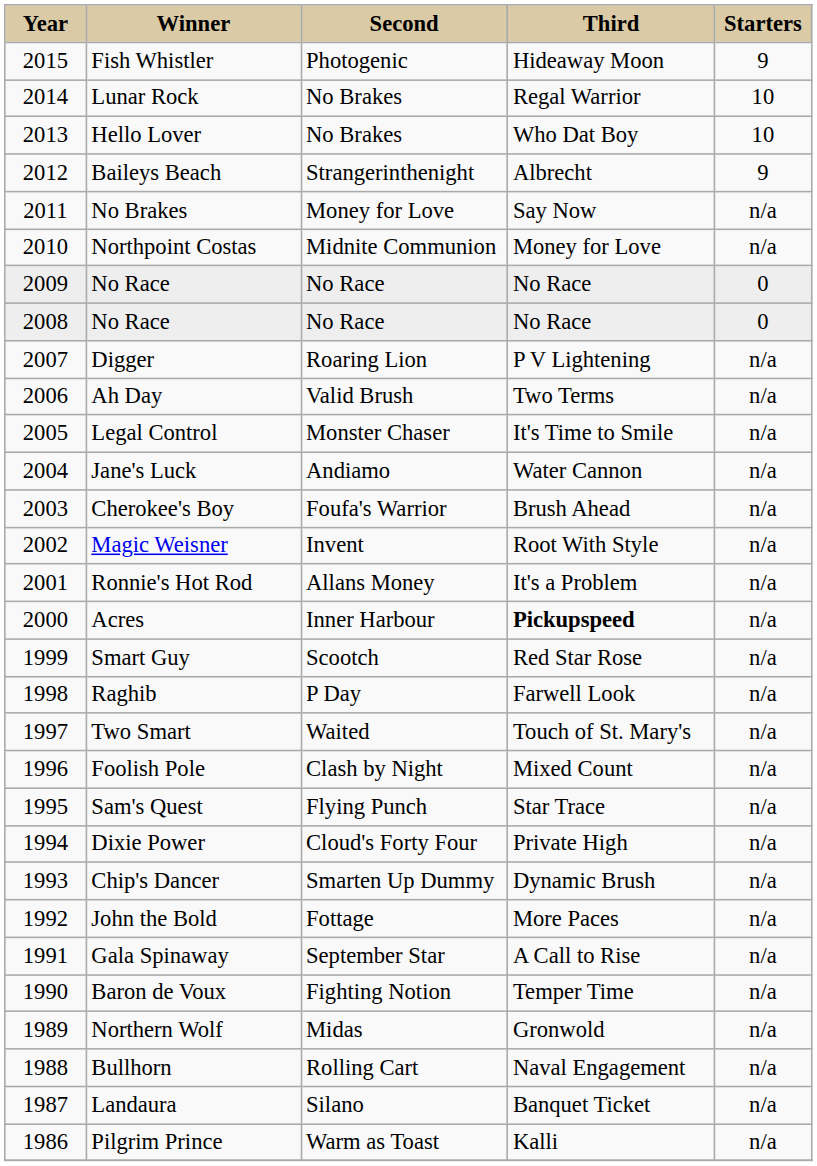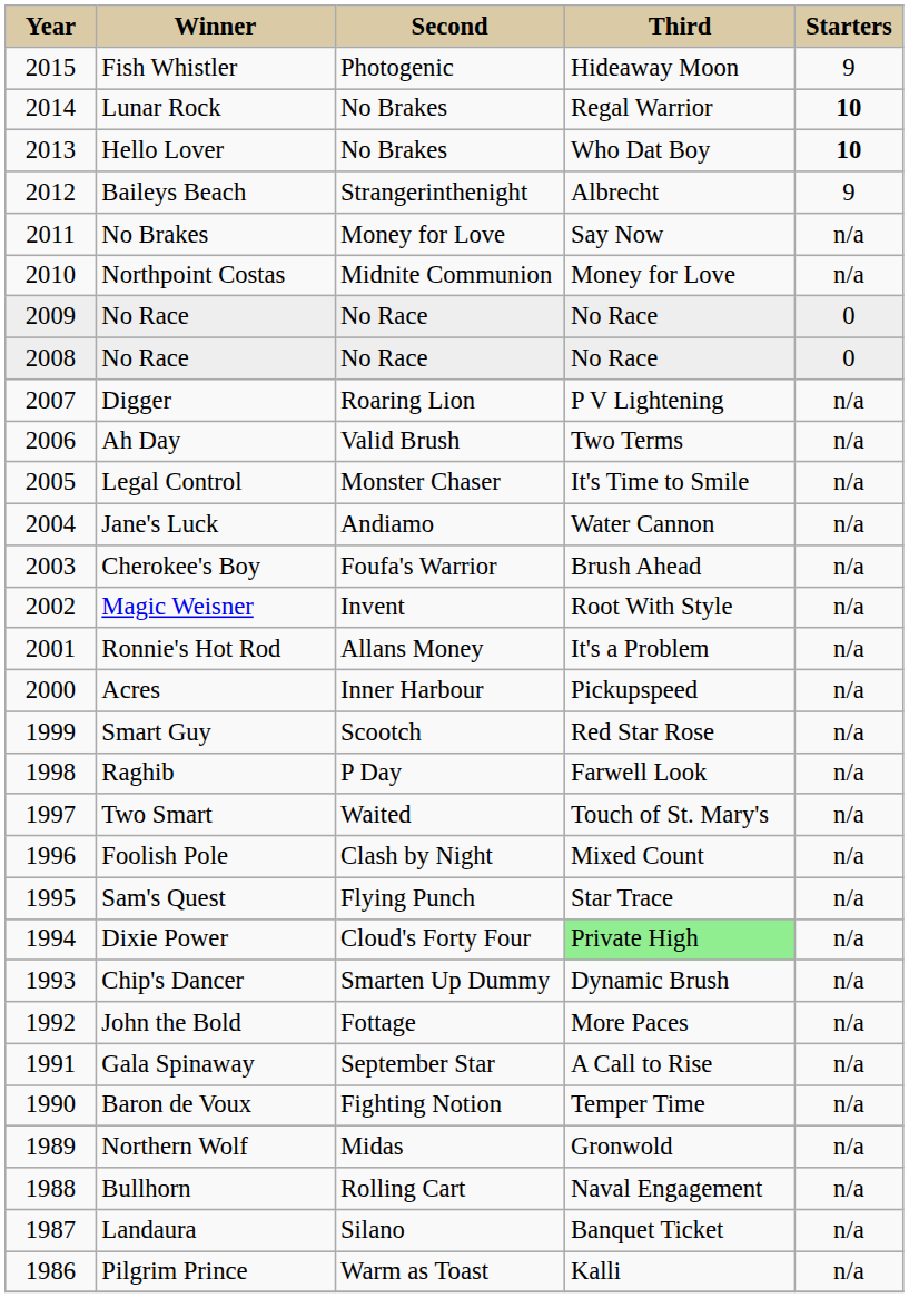 <table class = "wikitable sortable" | border="1" cellpadding="0" style="border-collapse: collapse; font-size:90%">
 <tr bgcolor="#DACAA5" align="center">
 <td width="45px"><strong>Year</strong> <br></td>
 <td width="130px"><strong>Winner</strong> <br></td>
 <td width="125px"><strong>Second</strong> <br></td>
 <td width="125px"><strong>Third</strong> <br></td>
 <td width="55px"><strong>Starters</strong></td>
 </tr>
 <tr>
 <td align=center>2015</td>
 <td>Fish Whistler</td>
 <td>Photogenic</td>
 <td>Hideaway Moon</td>
 <td align=center>9</td>
 </tr>
 <tr>
 <td align=center>2014</td>
 <td>Lunar Rock</td>
 <td>No Brakes</td>
 <td>Regal Warrior</td>
-<td align=center>10</td>
+<td align=center><strong>10</strong></td>
 </tr>
 <tr>
 <td align=center>2013</td>
 <td>Hello Lover</td>
 <td>No Brakes</td>
 <td>Who Dat Boy</td>
-<td align=center>10</td>
+<td align=center><strong>10</strong></td>
 </tr>
 <tr>
 <td align=center>2012</td>
 <td>Baileys Beach</td>
 <td>Strangerinthenight</td>
 <td>Albrecht</td>
 <td align=center>9</td>
 </tr>
 <tr>
 <td align=center>2011</td>
 <td>No Brakes</td>
 <td>Money for Love</td>
 <td>Say Now</td>
 <td align=center>n/a</td>
 </tr>
 <tr>
 <td align=center>2010</td>
 <td>Northpoint Costas</td>
 <td>Midnite Communion</td>
 <td>Money for Love</td>
 <td align=center>n/a</td>
 </tr>
 <tr bgcolor="#eeeeee">
 <td align=center>2009</td>
 <td>No Race</td>
 <td>No Race</td>
 <td>No Race</td>
 <td align=center>0</td>
 </tr>
 <tr bgcolor="#eeeeee">
 <td align=center>2008</td>
 <td>No Race</td>
 <td>No Race</td>
 <td>No Race</td>
 <td align=center>0</td>
 </tr>
 <tr>
 <td align=center>2007</td>
 <td>Digger</td>
 <td>Roaring Lion</td>
 <td>P V Lightening</td>
 <td align=center>n/a</td>
 </tr>
 <tr>
 <td align=center>2006</td>
 <td>Ah Day</td>
 <td>Valid Brush</td>
 <td>Two Terms</td>
 <td align=center>n/a</td>
 </tr>
 <tr>
 <td align=center>2005</td>
 <td>Legal Control</td>
 <td>Monster Chaser</td>
 <td>It's Time to Smile</td>
 <td align=center>n/a</td>
 </tr>
 <tr>
 <td align=center>2004</td>
 <td>Jane's Luck</td>
 <td>Andiamo</td>
 <td>Water Cannon</td>
 <td align=center>n/a</td>
 </tr>
 <tr>
 <td align=center>2003</td>
 <td>Cherokee's Boy</td>
 <td>Foufa's Warrior</td>
 <td>Brush Ahead</td>
 <td align=center>n/a</td>
 </tr>
 <tr>
 <td align=center>2002</td>
 <td><a href='#'>Magic Weisner</a></td>
 <td>Invent</td>
 <td>Root With Style</td>
 <td align=center>n/a</td>
 </tr>
 <tr>
 <td align=center>2001</td>
 <td>Ronnie's Hot Rod</td>
 <td>Allans Money</td>
 <td>It's a Problem</td>
 <td align=center>n/a</td>
 </tr>
 <tr>
 <td align=center>2000</td>
 <td>Acres</td>
 <td>Inner Harbour</td>
-<td><strong>Pickupspeed</strong></td>
+<td>Pickupspeed</td>
 <td align=center>n/a</td>
 </tr>
 <tr>
 <td align=center>1999</td>
 <td>Smart Guy</td>
 <td>Scootch</td>
 <td>Red Star Rose</td>
 <td align=center>n/a</td>
 </tr>
 <tr>
 <td align=center>1998</td>
 <td>Raghib</td>
 <td>P Day</td>
 <td>Farwell Look</td>
 <td align=center>n/a</td>
 </tr>
 <tr>
 <td align=center>1997</td>
 <td>Two Smart</td>
 <td>Waited</td>
 <td>Touch of St. Mary's</td>
 <td align=center>n/a</td>
 </tr>
 <tr>
 <td align=center>1996</td>
 <td>Foolish Pole</td>
 <td>Clash by Night</td>
 <td>Mixed Count</td>
 <td align=center>n/a</td>
 </tr>
 <tr>
 <td align=center>1995</td>
 <td>Sam's Quest</td>
 <td>Flying Punch</td>
 <td>Star Trace</td>
 <td align=center>n/a</td>
 </tr>
 <tr>
 <td align=center>1994</td>
 <td>Dixie Power</td>
 <td>Cloud's Forty Four</td>
-<td>Private High</td>
+<td style="background: lightgreen;">Private High</td>
 <td align=center>n/a</td>
 </tr>
 <tr>
 <td align=center>1993</td>
 <td>Chip's Dancer</td>
 <td>Smarten Up Dummy</td>
 <td>Dynamic Brush</td>
 <td align=center>n/a</td>
 </tr>
 <tr>
 <td align=center>1992</td>
 <td>John the Bold</td>
 <td>Fottage</td>
 <td>More Paces</td>
 <td align=center>n/a</td>
 </tr>
 <tr>
 <td align=center>1991</td>
 <td>Gala Spinaway</td>
 <td>September Star</td>
 <td>A Call to Rise</td>
 <td align=center>n/a</td>
 </tr>
 <tr>
 <td align=center>1990</td>
 <td>Baron de Voux</td>
 <td>Fighting Notion</td>
 <td>Temper Time</td>
 <td align=center>n/a</td>
 </tr>
 <tr>
 <td align=center>1989</td>
 <td>Northern Wolf</td>
 <td>Midas</td>
 <td>Gronwold</td>
 <td align=center>n/a</td>
 </tr>
 <tr>
 <td align=center>1988</td>
 <td>Bullhorn</td>
 <td>Rolling Cart</td>
 <td>Naval Engagement</td>
 <td align=center>n/a</td>
 </tr>
 <tr>
 <td align=center>1987</td>
 <td>Landaura</td>
 <td>Silano</td>
 <td>Banquet Ticket</td>
 <td align=center>n/a</td>
 </tr>
 <tr>
 <td align=center>1986</td>
 <td>Pilgrim Prince</td>
 <td>Warm as Toast</td>
 <td>Kalli</td>
 <td align=center>n/a</td>
 </tr>
 <tr>
 </tr>
 </table>
